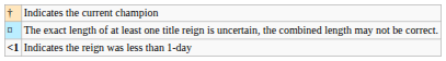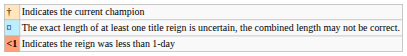 <table class="wikitable">
 <tr>
 <td style="background-color:#ffe6bd">†</td>
 <td>Indicates the current champion</td>
 </tr>
 <tr>
 <td style="background-color:#bbeeff">¤</td>
 <td>The exact length of at least one title reign is uncertain, the combined length may not be correct.</td>
 </tr>
 <tr>
-<td><strong><1</strong></td>
+<td style="background: lightsalmon;"><strong><1</strong></td>
 <td>Indicates the reign was less than 1-day</td>
 </tr>
 </table>
